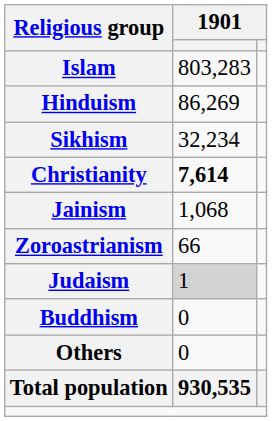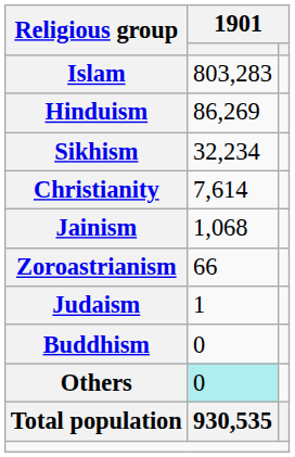 <table class="wikitable sortable">
 <tr>
 <th rowspan="2"><a href='#'>Religious</a> group</th>
 <th colspan="2">1901</th>
 </tr>
 <tr>
 <th><a href='#'></a></th>
 <th></th>
 </tr>
 <tr>
 <th><a href='#'>Islam</a> </th>
 <td>803,283</td>
 <td></td>
 </tr>
 <tr>
 <th><a href='#'>Hinduism</a> </th>
 <td>86,269</td>
 <td></td>
 </tr>
 <tr>
 <th><a href='#'>Sikhism</a> </th>
 <td>32,234</td>
 <td></td>
 </tr>
 <tr>
 <th><a href='#'>Christianity</a> </th>
-<td><strong>7,614</strong></td>
+<td>7,614</td>
 <td></td>
 </tr>
 <tr>
 <th><a href='#'>Jainism</a> </th>
 <td>1,068</td>
 <td></td>
 </tr>
 <tr>
 <th><a href='#'>Zoroastrianism</a> </th>
 <td>66</td>
 <td></td>
 </tr>
 <tr>
 <th><a href='#'>Judaism</a> </th>
-<td style="background: lightgrey;">1</td>
+<td>1</td>
 <td></td>
 </tr>
 <tr>
 <th><a href='#'>Buddhism</a> </th>
 <td>0</td>
 <td></td>
 </tr>
 <tr>
 <th>Others</th>
-<td>0</td>
+<td style="background: paleturquoise;">0</td>
 <td></td>
 </tr>
 <tr>
 <th>Total population</th>
 <th>930,535</th>
 <th></th>
 </tr>
 <tr class="sortbottom">
 <td colspan="3"></td>
 </tr>
 </table>
